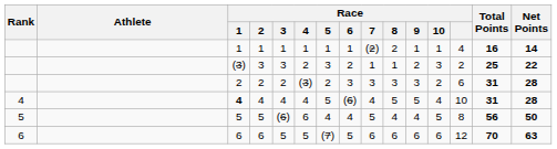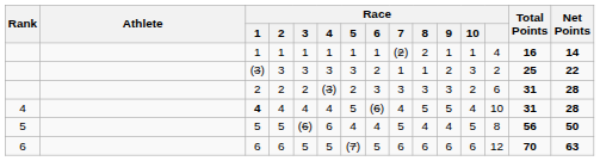 <table | class="wikitable" style="text-align:center">
 <tr>
 <th rowspan="2" width=40>Rank</th>
 <th rowspan="2" width=270>Athlete</th>
 <th colspan="11">Race</th>
 <th rowspan="2" width=50>Total Points</th>
 <th rowspan="2" width=50>Net Points</th>
 </tr>
 <tr>
 <th width=25>1</th>
 <th width=25>2</th>
 <th width=25>3</th>
 <th width=25>4</th>
 <th width=25>5</th>
 <th width=25>6</th>
 <th width=25>7</th>
 <th width=25>8</th>
 <th width=25>9</th>
 <th width=25>10</th>
 <th width=25></th>
 </tr>
 <tr>
 <td></td>
 <td align="left"></td>
 <td>1</td>
 <td>1</td>
 <td>1</td>
 <td>1</td>
 <td>1</td>
 <td>1</td>
 <td>(<s>2</s>)</td>
 <td>2</td>
 <td>1</td>
 <td>1</td>
 <td>4</td>
 <td><strong>16</strong></td>
 <td><strong>14</strong></td>
 </tr>
 <tr>
 <td></td>
 <td align="left"></td>
 <td>(<s>3</s>)</td>
 <td>3</td>
 <td>3</td>
-<td>2</td>
+<td>3</td>
 <td>3</td>
 <td>2</td>
 <td>1</td>
 <td>1</td>
 <td>2</td>
 <td>3</td>
 <td>2</td>
 <td><strong>25</strong></td>
 <td><strong>22</strong></td>
 </tr>
 <tr>
 <td></td>
 <td align="left"></td>
 <td>2</td>
 <td>2</td>
 <td>2</td>
 <td>(<s>3</s>)</td>
 <td>2</td>
 <td>3</td>
 <td>3</td>
 <td>3</td>
 <td>3</td>
 <td>2</td>
 <td>6</td>
 <td><strong>31</strong></td>
 <td><strong>28</strong></td>
 </tr>
 <tr>
 <td>4</td>
 <td align="left"></td>
 <td><strong>4</strong></td>
 <td>4</td>
 <td>4</td>
 <td>4</td>
 <td>5</td>
 <td>(<s>6</s>)</td>
 <td>4</td>
 <td>5</td>
 <td>5</td>
 <td>4</td>
 <td>10</td>
 <td><strong>31</strong></td>
 <td><strong>28</strong></td>
 </tr>
 <tr>
 <td>5</td>
 <td align="left"></td>
 <td>5</td>
 <td>5</td>
 <td>(<s>6</s>)</td>
 <td>6</td>
 <td>4</td>
 <td>4</td>
 <td>5</td>
 <td>4</td>
 <td>4</td>
 <td>5</td>
 <td>8</td>
 <td><strong>56</strong></td>
 <td><strong>50</strong></td>
 </tr>
 <tr>
 <td>6</td>
 <td align="left"></td>
 <td>6</td>
 <td>6</td>
 <td>5</td>
 <td>5</td>
 <td>(<s>7</s>)<br></td>
 <td>5</td>
 <td>6</td>
 <td>6</td>
 <td>6</td>
 <td>6</td>
 <td>12</td>
 <td><strong>70</strong></td>
 <td><strong>63</strong></td>
 </tr>
 </table>
